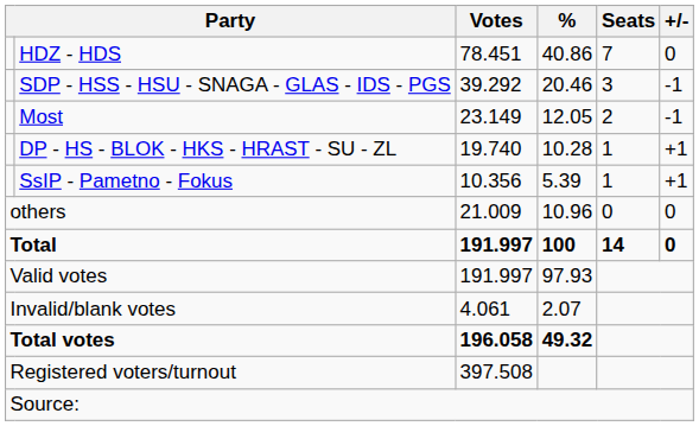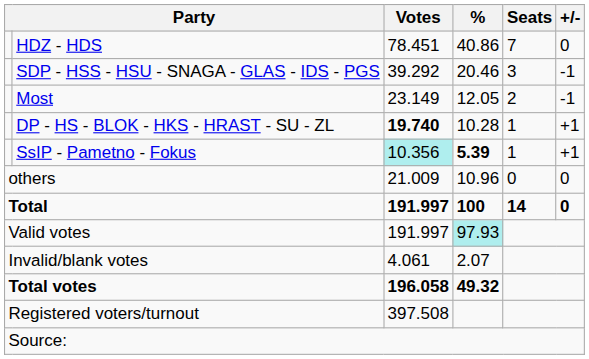 <table class="wikitable" style="text-align: left;">
 <tr>
 <th colspan="2">Party</th>
 <th>Votes</th>
 <th>%</th>
 <th>Seats</th>
 <th>+/-</th>
 </tr>
 <tr>
 <td style="background-color: "></td>
 <td><a href='#'>HDZ</a> - <a href='#'>HDS</a></td>
 <td>78.451</td>
 <td>40.86</td>
 <td>7</td>
 <td>0</td>
 </tr>
 <tr>
 <td style="background-color: "></td>
 <td><a href='#'>SDP</a> - <a href='#'>HSS</a> - <a href='#'>HSU</a> - SNAGA - <a href='#'>GLAS</a> - <a href='#'>IDS</a> - <a href='#'>PGS</a></td>
 <td>39.292</td>
 <td>20.46</td>
 <td>3</td>
 <td>-1</td>
 </tr>
 <tr>
 <td style="background-color: "></td>
 <td><a href='#'>Most</a></td>
 <td>23.149</td>
 <td>12.05</td>
 <td>2</td>
 <td>-1</td>
 </tr>
 <tr>
 <td style="background-color: "></td>
 <td><a href='#'>DP</a> - <a href='#'>HS</a> - <a href='#'>BLOK</a> - <a href='#'>HKS</a> - <a href='#'>HRAST</a> - SU - ZL</td>
-<td>19.740</td>
+<td><strong>19.740</strong></td>
 <td>10.28</td>
 <td>1</td>
 <td>+1</td>
 </tr>
 <tr>
 <td style="background-color: "></td>
 <td><a href='#'>SsIP</a> - <a href='#'>Pametno</a> - <a href='#'>Fokus</a></td>
-<td>10.356</td>
-<td>5.39</td>
+<td style="background: paleturquoise;">10.356</td>
+<td><strong>5.39</strong></td>
 <td>1</td>
 <td>+1</td>
 </tr>
 <tr>
 <td colspan="2">others</td>
 <td>21.009</td>
 <td>10.96</td>
 <td>0</td>
 <td>0</td>
 </tr>
 <tr>
 <td colspan="2"><strong>Total</strong></td>
 <td><strong>191.997</strong></td>
 <td><strong>100</strong></td>
 <td><strong>14</strong></td>
 <td><strong>0</strong></td>
 </tr>
 <tr>
 <td colspan="2">Valid votes</td>
 <td>191.997</td>
-<td>97.93</td>
+<td style="background: paleturquoise;">97.93</td>
 <td colspan="2"></td>
 </tr>
 <tr>
 <td colspan="2">Invalid/blank votes</td>
 <td>4.061</td>
 <td>2.07</td>
 <td colspan="2"></td>
 </tr>
 <tr>
 <td colspan="2"><strong>Total votes</strong></td>
 <td><strong>196.058</strong></td>
 <td><strong>49.32</strong></td>
 <td colspan="2"></td>
 </tr>
 <tr>
 <td colspan="2">Registered voters/turnout</td>
 <td votes14="5343">397.508</td>
 <td></td>
 <td colspan="2"></td>
 </tr>
 <tr>
 <td colspan="6">Source: </td>
 </tr>
 </table>
